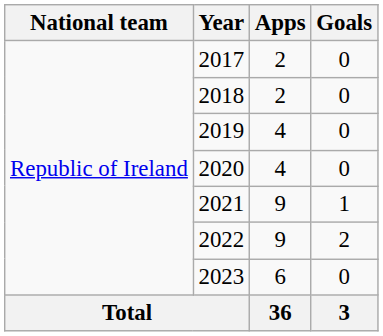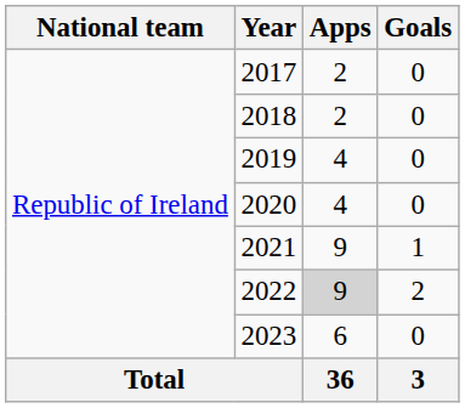 <table class="wikitable" style="text-align:center">
 <tr>
 <th>National team</th>
 <th>Year</th>
 <th>Apps</th>
 <th>Goals</th>
 </tr>
 <tr>
 <td rowspan="7"><a href='#'>Republic of Ireland</a></td>
 <td>2017</td>
 <td>2</td>
 <td>0</td>
 </tr>
 <tr>
 <td>2018</td>
 <td>2</td>
 <td>0</td>
 </tr>
 <tr>
 <td>2019</td>
 <td>4</td>
 <td>0</td>
 </tr>
 <tr>
 <td>2020</td>
 <td>4</td>
 <td>0</td>
 </tr>
 <tr>
 <td>2021</td>
 <td>9</td>
 <td>1</td>
 </tr>
 <tr>
 <td>2022</td>
-<td>9</td>
+<td style="background: lightgrey;">9</td>
 <td>2</td>
 </tr>
 <tr>
 <td>2023</td>
 <td>6</td>
 <td>0</td>
 </tr>
 <tr>
 <th colspan="2">Total</th>
 <th>36</th>
 <th>3</th>
 </tr>
 </table>
